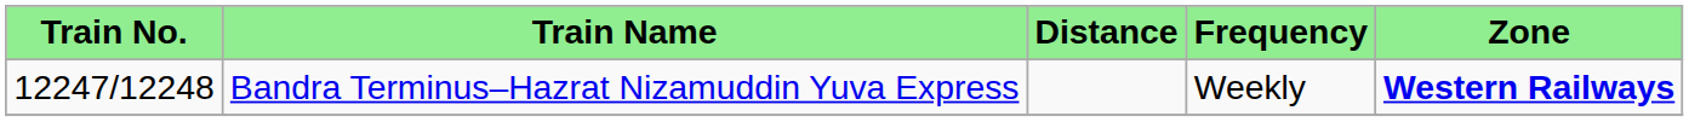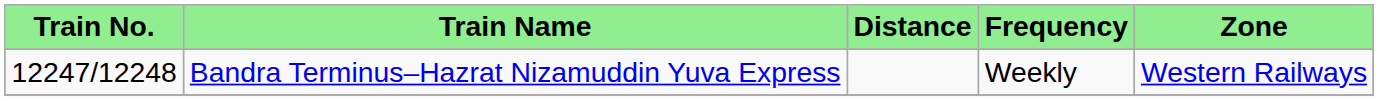 <table class="wikitable sortable">
 <tr>
 <th style="background-color:lightgreen;">Train No.</th>
 <th style="background-color:lightgreen;">Train Name</th>
 <th style="background-color:lightgreen;">Distance</th>
 <th style="background-color:lightgreen;">Frequency</th>
 <th style="background-color:lightgreen;">Zone</th>
 </tr>
 <tr>
 <td>12247/12248</td>
 <td><a href='#'>Bandra Terminus–Hazrat Nizamuddin Yuva Express</a></td>
 <td></td>
 <td>Weekly</td>
-<td><strong><a href='#'>Western Railways</a></strong></td>
+<td><a href='#'>Western Railways</a></td>
 </tr>
 <tr>
 </tr>
 </table>
